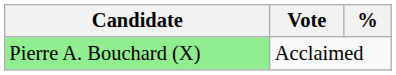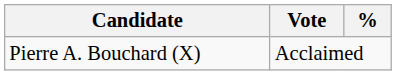 <table class="wikitable">
 <tr>
 <th bgcolor="#DDDDFF" width="200px">Candidate</th>
 <th bgcolor="#DDDDFF" width="50px">Vote</th>
 <th bgcolor="#DDDDFF" width="30px">%</th>
 </tr>
 <tr>
-<td style="background: lightgreen;">Pierre A. Bouchard (X)</td>
+<td>Pierre A. Bouchard (X)</td>
 <td colspan="2">Acclaimed</td>
 </tr>
 </table>
